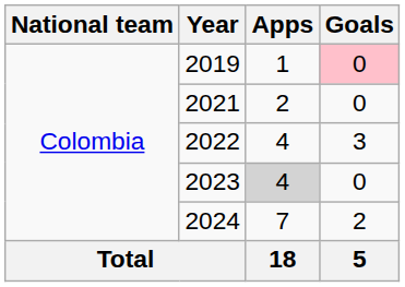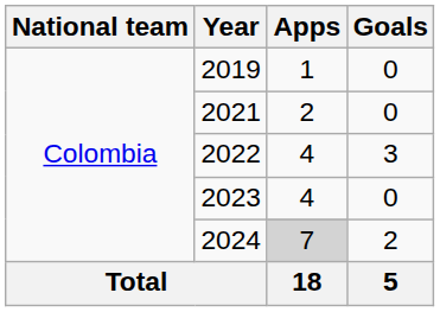 <table class="wikitable" style="text-align:center">
 <tr>
 <th>National team</th>
 <th>Year</th>
 <th>Apps</th>
 <th>Goals</th>
 </tr>
 <tr>
 <td rowspan="5"><a href='#'>Colombia</a></td>
 <td>2019</td>
 <td>1</td>
-<td style="background: pink;">0</td>
+<td>0</td>
 </tr>
 <tr>
 <td>2021</td>
 <td>2</td>
 <td>0</td>
 </tr>
 <tr>
 <td>2022</td>
 <td>4</td>
 <td>3</td>
 </tr>
 <tr>
 <td>2023</td>
-<td style="background: lightgrey;">4</td>
+<td>4</td>
 <td>0</td>
 </tr>
 <tr>
 <td>2024</td>
-<td>7</td>
+<td style="background: lightgrey;">7</td>
 <td>2</td>
 </tr>
 <tr>
 <th colspan="2">Total</th>
 <th>18</th>
 <th>5</th>
 </tr>
 </table>
